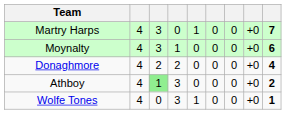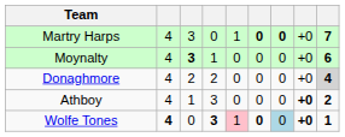 <table class="wikitable" style="text-align:center">
 <tr>
 <th width="175">Team</th>
 <th width="20"></th>
 <th width="20"></th>
 <th width="20"></th>
 <th width="20"></th>
 <th width="20"></th>
 <th width="20"></th>
 <th width="20"></th>
 <th width="20"></th>
 </tr>
 <tr style="background:#cfc;">
 <td>Martry Harps</td>
 <td>4</td>
 <td>3</td>
 <td>0</td>
 <td>1</td>
-<td>0</td>
-<td>0</td>
+<td><strong>0</strong></td>
+<td><strong>0</strong></td>
 <td>+0</td>
 <td><strong>7</strong></td>
 </tr>
 <tr style="background:#cfc;">
 <td>Moynalty</td>
 <td>4</td>
-<td>3</td>
+<td><strong>3</strong></td>
 <td>1</td>
 <td>0</td>
 <td>0</td>
 <td>0</td>
 <td>+0</td>
 <td><strong>6</strong></td>
 </tr>
 <tr>
 <td><a href='#'>Donaghmore</a></td>
 <td>4</td>
 <td>2</td>
 <td>2</td>
 <td>0</td>
 <td>0</td>
 <td>0</td>
 <td>+0</td>
-<td><strong>4</strong></td>
+<td style="background: lightgrey;"><strong>4</strong></td>
 </tr>
 <tr>
 <td>Athboy</td>
 <td>4</td>
-<td style="background: lightgreen;">1</td>
+<td>1</td>
 <td>3</td>
 <td>0</td>
 <td>0</td>
 <td>0</td>
-<td>+0</td>
+<td><strong>+0</strong></td>
 <td><strong>2</strong></td>
 </tr>
 <tr>
 <td><a href='#'>Wolfe Tones</a></td>
-<td>4</td>
+<td><strong>4</strong></td>
 <td>0</td>
-<td>3</td>
-<td>1</td>
-<td>0</td>
-<td>0</td>
-<td>+0</td>
+<td><strong>3</strong></td>
+<td style="background: pink;">1</td>
+<td><strong>0</strong></td>
+<td style="background: lightblue;">0</td>
+<td><strong>+0</strong></td>
 <td><strong>1</strong></td>
 </tr>
 </table>
